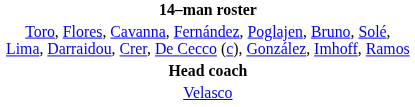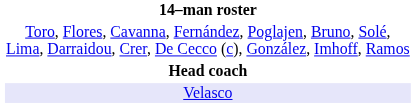 <table style="text-align: center; margin-top: 2em; margin-left: auto; margin-right: auto">
 <tr>
 <td><strong>14–man roster</strong></td>
 </tr>
 <tr>
 <td><a href='#'>Toro</a>, <a href='#'>Flores</a>, <a href='#'>Cavanna</a>, <a href='#'>Fernández</a>, <a href='#'>Poglajen</a>, <a href='#'>Bruno</a>, <a href='#'>Solé</a>,<br><a href='#'>Lima</a>, <a href='#'>Darraidou</a>, <a href='#'>Crer</a>, <a href='#'>De Cecco</a> (<a href='#'>c</a>), <a href='#'>González</a>, <a href='#'>Imhoff</a>, <a href='#'>Ramos</a></td>
 </tr>
 <tr>
 <td><strong>Head coach</strong></td>
 </tr>
 <tr>
-<td><a href='#'>Velasco</a></td>
+<td style="background: lavender;"><a href='#'>Velasco</a></td>
 </tr>
 </table>
